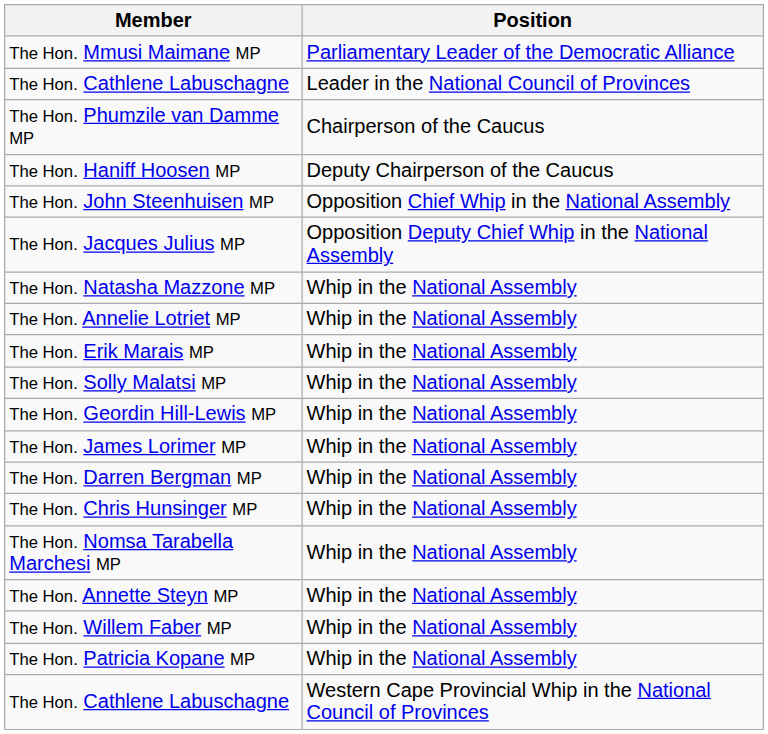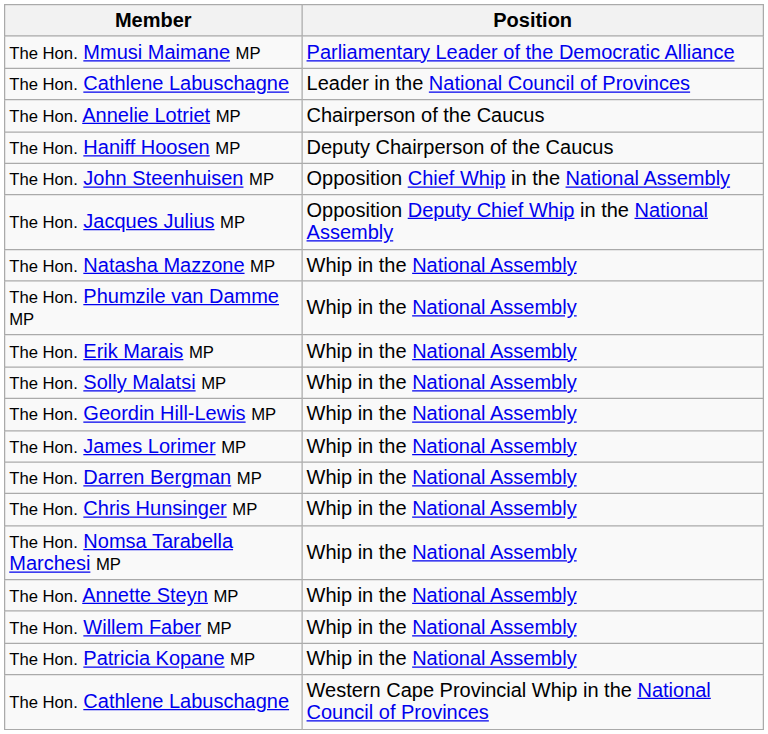 <table class="wikitable">
 <tr>
 <th width=250>Member</th>
 <th width=400>Position</th>
 </tr>
 <tr>
 <td><small>The Hon.</small> <a href='#'>Mmusi Maimane</a> <small>MP</small></td>
 <td><a href='#'>Parliamentary Leader of the Democratic Alliance</a></td>
 </tr>
 <tr>
 <td><small>The Hon.</small> <a href='#'>Cathlene Labuschagne</a></td>
 <td>Leader in the <a href='#'>National Council of Provinces</a></td>
 </tr>
 <tr>
-<td><small>The Hon.</small> <a href='#'>Phumzile van Damme</a> <small>MP</small></td>
+<td><small>The Hon.</small> <a href='#'>Annelie Lotriet</a> <small>MP</small></td>
 <td>Chairperson of the Caucus</td>
 </tr>
 <tr>
 <td><small>The Hon.</small> <a href='#'>Haniff Hoosen</a> <small>MP</small></td>
 <td>Deputy Chairperson of the Caucus</td>
 </tr>
 <tr>
 <td><small>The Hon.</small> <a href='#'>John Steenhuisen</a> <small>MP</small></td>
 <td>Opposition <a href='#'>Chief Whip</a> in the <a href='#'>National Assembly</a></td>
 </tr>
 <tr>
 <td><small>The Hon.</small> <a href='#'>Jacques Julius</a> <small>MP</small></td>
 <td>Opposition <a href='#'>Deputy Chief Whip</a> in the <a href='#'>National Assembly</a></td>
 </tr>
 <tr>
 <td><small>The Hon.</small> <a href='#'>Natasha Mazzone</a> <small>MP</small></td>
 <td>Whip in the <a href='#'>National Assembly</a></td>
 </tr>
 <tr>
-<td><small>The Hon.</small> <a href='#'>Annelie Lotriet</a> <small>MP</small></td>
+<td><small>The Hon.</small> <a href='#'>Phumzile van Damme</a> <small>MP</small></td>
 <td>Whip in the <a href='#'>National Assembly</a></td>
 </tr>
 <tr>
 <td><small>The Hon.</small> <a href='#'>Erik Marais</a> <small>MP</small></td>
 <td>Whip in the <a href='#'>National Assembly</a></td>
 </tr>
 <tr>
 <td><small>The Hon.</small> <a href='#'>Solly Malatsi</a> <small>MP</small></td>
 <td>Whip in the <a href='#'>National Assembly</a></td>
 </tr>
 <tr>
 <td><small>The Hon.</small> <a href='#'>Geordin Hill-Lewis</a> <small>MP</small></td>
 <td>Whip in the <a href='#'>National Assembly</a></td>
 </tr>
 <tr>
 <td><small>The Hon.</small> <a href='#'>James Lorimer</a> <small>MP</small></td>
 <td>Whip in the <a href='#'>National Assembly</a></td>
 </tr>
 <tr>
 <td><small>The Hon.</small> <a href='#'>Darren Bergman</a> <small>MP</small></td>
 <td>Whip in the <a href='#'>National Assembly</a></td>
 </tr>
 <tr>
 <td><small>The Hon.</small> <a href='#'>Chris Hunsinger</a> <small>MP</small></td>
 <td>Whip in the <a href='#'>National Assembly</a></td>
 </tr>
 <tr>
 <td><small>The Hon.</small> <a href='#'>Nomsa Tarabella Marchesi</a> <small>MP</small></td>
 <td>Whip in the <a href='#'>National Assembly</a></td>
 </tr>
 <tr>
 <td><small>The Hon.</small> <a href='#'>Annette Steyn</a> <small>MP</small></td>
 <td>Whip in the <a href='#'>National Assembly</a></td>
 </tr>
 <tr>
 <td><small>The Hon.</small> <a href='#'>Willem Faber</a> <small>MP</small></td>
 <td>Whip in the <a href='#'>National Assembly</a></td>
 </tr>
 <tr>
 <td><small>The Hon.</small> <a href='#'>Patricia Kopane</a> <small>MP</small></td>
 <td>Whip in the <a href='#'>National Assembly</a></td>
 </tr>
 <tr>
 <td><small>The Hon.</small> <a href='#'>Cathlene Labuschagne</a></td>
 <td>Western Cape Provincial Whip in the <a href='#'>National Council of Provinces</a></td>
 </tr>
 </table>
